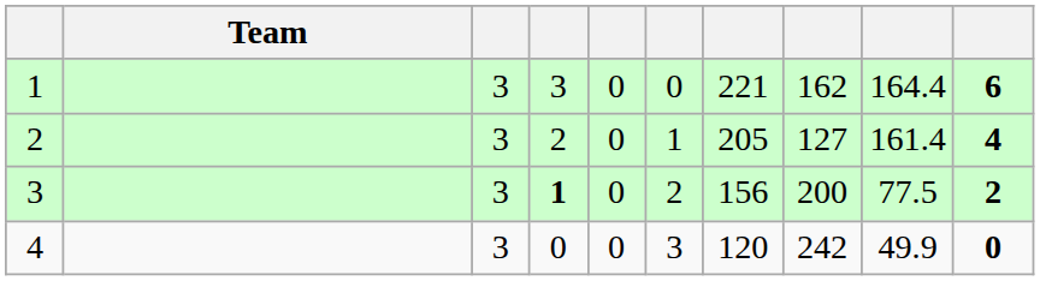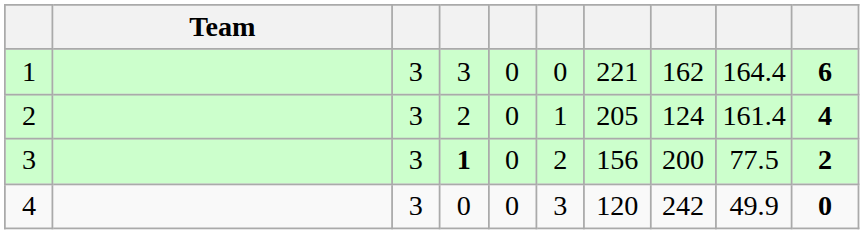 <table class=wikitable style=text-align:center>
 <tr>
 <th width=20 abbr=Position></th>
 <th width=185>Team</th>
 <th width=20 abbr=Played></th>
 <th width=20 abbr=Won></th>
 <th width=20 abbr=Drawn></th>
 <th width=20 abbr=Lost></th>
 <th width=30 abbr=Goal for></th>
 <th width=30 abbr=Goal against></th>
 <th width=30 abbr=Percentage></th>
 <th width=30 abbr=Points></th>
 </tr>
 <tr bgcolor=#CCFFCC>
 <td>1</td>
 <td align=left></td>
 <td>3</td>
 <td>3</td>
 <td>0</td>
 <td>0</td>
 <td>221</td>
 <td>162</td>
 <td>164.4</td>
 <td><strong>6</strong></td>
 </tr>
 <tr bgcolor=#CCFFCC>
 <td>2</td>
 <td align=left></td>
 <td>3</td>
 <td>2</td>
 <td>0</td>
 <td>1</td>
 <td>205</td>
-<td>127</td>
+<td>124</td>
 <td>161.4</td>
 <td><strong>4</strong></td>
 </tr>
 <tr bgcolor=#CCFFCC>
 <td>3</td>
 <td align=left></td>
 <td>3</td>
 <td><strong>1</strong></td>
 <td>0</td>
 <td>2</td>
 <td>156</td>
 <td>200</td>
 <td>77.5</td>
 <td><strong>2</strong></td>
 </tr>
 <tr>
 <td>4</td>
 <td align=left></td>
 <td>3</td>
 <td>0</td>
 <td>0</td>
 <td>3</td>
 <td>120</td>
 <td>242</td>
 <td>49.9</td>
 <td><strong>0</strong></td>
 </tr>
 </table>
